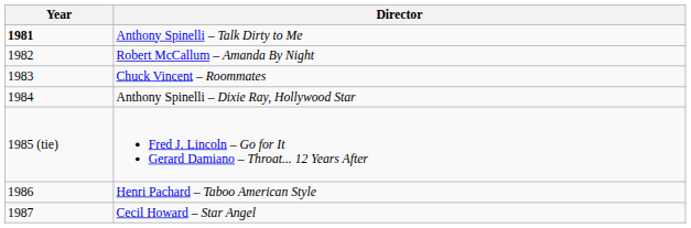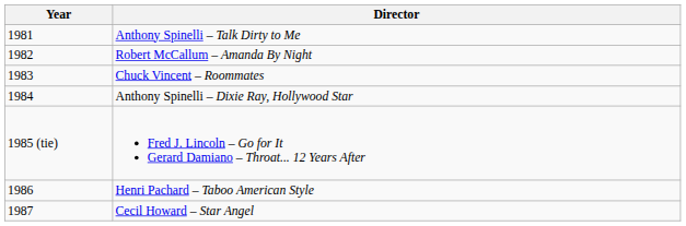 <table class=wikitable width="67%">
 <tr>
 <th width="15">Year</th>
 <th width="200">Director</th>
 </tr>
 <tr>
-<td><strong>1981</strong></td>
+<td>1981</td>
 <td><a href='#'>Anthony Spinelli</a> – <em>Talk Dirty to Me</em></td>
 </tr>
 <tr>
 <td>1982</td>
 <td><a href='#'>Robert McCallum</a> – <em>Amanda By Night</em></td>
 </tr>
 <tr>
 <td>1983</td>
 <td><a href='#'>Chuck Vincent</a> – <em>Roommates</em></td>
 </tr>
 <tr>
 <td>1984</td>
 <td>Anthony Spinelli – <em>Dixie Ray, Hollywood Star</em></td>
 </tr>
 <tr>
 <td>1985 (tie)</td>
 <td><br><ul><li><a href='#'>Fred J. Lincoln</a> – <em>Go for It</em></li><li><a href='#'>Gerard Damiano</a> – <em>Throat... 12 Years After</em></li></ul></td>
 </tr>
 <tr>
 <td>1986</td>
 <td><a href='#'>Henri Pachard</a> – <em>Taboo American Style</em></td>
 </tr>
 <tr>
 <td>1987</td>
 <td><a href='#'>Cecil Howard</a> – <em>Star Angel</em></td>
 </tr>
 </table>
